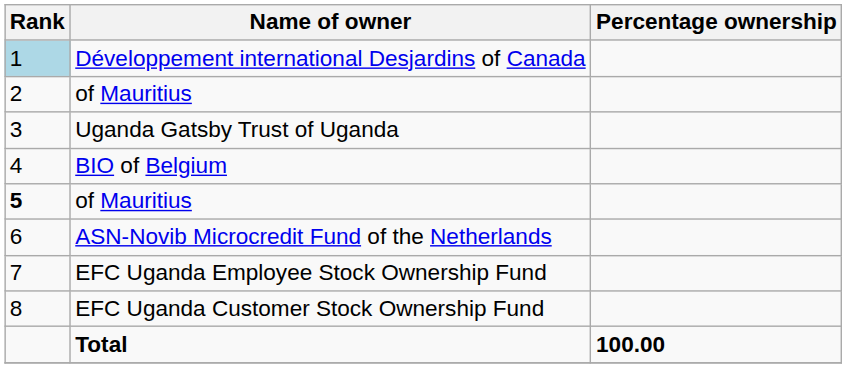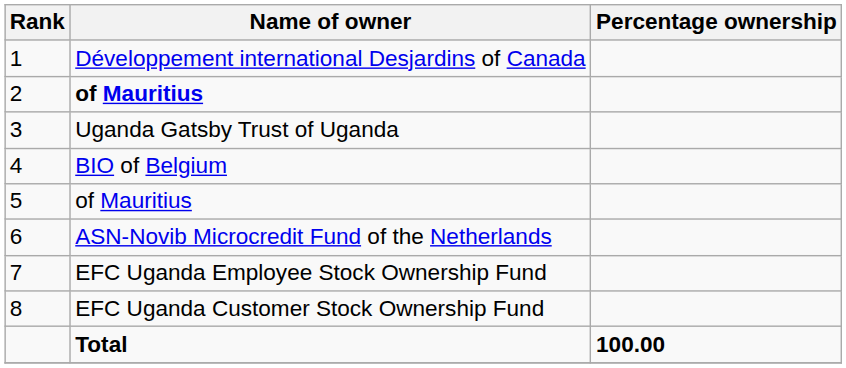 <table class="wikitable sortable" style="margin: 0.5em auto">
 <tr>
 <th>Rank</th>
 <th>Name of owner</th>
 <th>Percentage ownership</th>
 </tr>
 <tr>
-<td style="background: lightblue;">1</td>
+<td>1</td>
 <td><a href='#'>Développement international Desjardins</a> of <a href='#'>Canada</a></td>
 <td></td>
 </tr>
 <tr>
 <td>2</td>
-<td> of <a href='#'>Mauritius</a></td>
+<td><strong> of <a href='#'>Mauritius</a></strong></td>
 <td></td>
 </tr>
 <tr>
 <td>3</td>
 <td>Uganda Gatsby Trust of Uganda</td>
 <td></td>
 </tr>
 <tr>
 <td>4</td>
 <td><a href='#'>BIO</a> of <a href='#'>Belgium</a></td>
 <td></td>
 </tr>
 <tr>
-<td><strong>5</strong></td>
+<td>5</td>
 <td> of <a href='#'>Mauritius</a></td>
 <td></td>
 </tr>
 <tr>
 <td>6</td>
 <td><a href='#'>ASN-Novib Microcredit Fund</a> of the <a href='#'>Netherlands</a></td>
 <td></td>
 </tr>
 <tr>
 <td>7</td>
 <td>EFC Uganda Employee Stock Ownership Fund</td>
 <td></td>
 </tr>
 <tr>
 <td>8</td>
 <td>EFC Uganda Customer Stock Ownership Fund</td>
 <td></td>
 </tr>
 <tr>
 <td></td>
 <td><strong>Total</strong></td>
 <td><strong>100.00</strong></td>
 </tr>
 <tr>
 </tr>
 </table>
